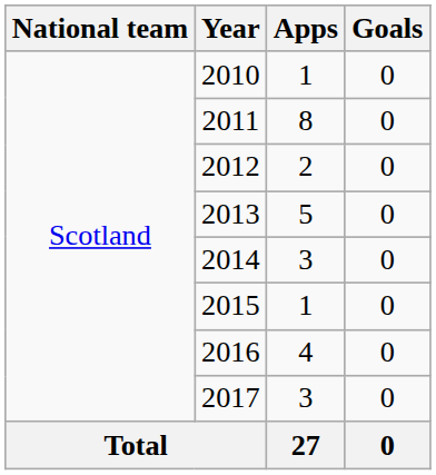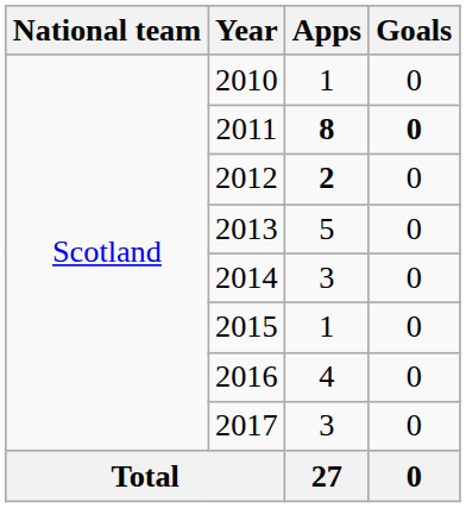 <table class="wikitable" style="text-align: center">
 <tr>
 <th>National team</th>
 <th>Year</th>
 <th>Apps</th>
 <th>Goals</th>
 </tr>
 <tr>
 <td rowspan="8"><a href='#'>Scotland</a></td>
 <td>2010</td>
 <td>1</td>
 <td>0</td>
 </tr>
 <tr>
 <td>2011</td>
-<td>8</td>
-<td>0</td>
+<td><strong>8</strong></td>
+<td><strong>0</strong></td>
 </tr>
 <tr>
 <td>2012</td>
-<td>2</td>
+<td><strong>2</strong></td>
 <td>0</td>
 </tr>
 <tr>
 <td>2013</td>
 <td>5</td>
 <td>0</td>
 </tr>
 <tr>
 <td>2014</td>
 <td>3</td>
 <td>0</td>
 </tr>
 <tr>
 <td>2015</td>
 <td>1</td>
 <td>0</td>
 </tr>
 <tr>
 <td>2016</td>
 <td>4</td>
 <td>0</td>
 </tr>
 <tr>
 <td>2017</td>
 <td>3</td>
 <td>0</td>
 </tr>
 <tr>
 <th colspan="2">Total</th>
 <th>27</th>
 <th>0</th>
 </tr>
 </table>
